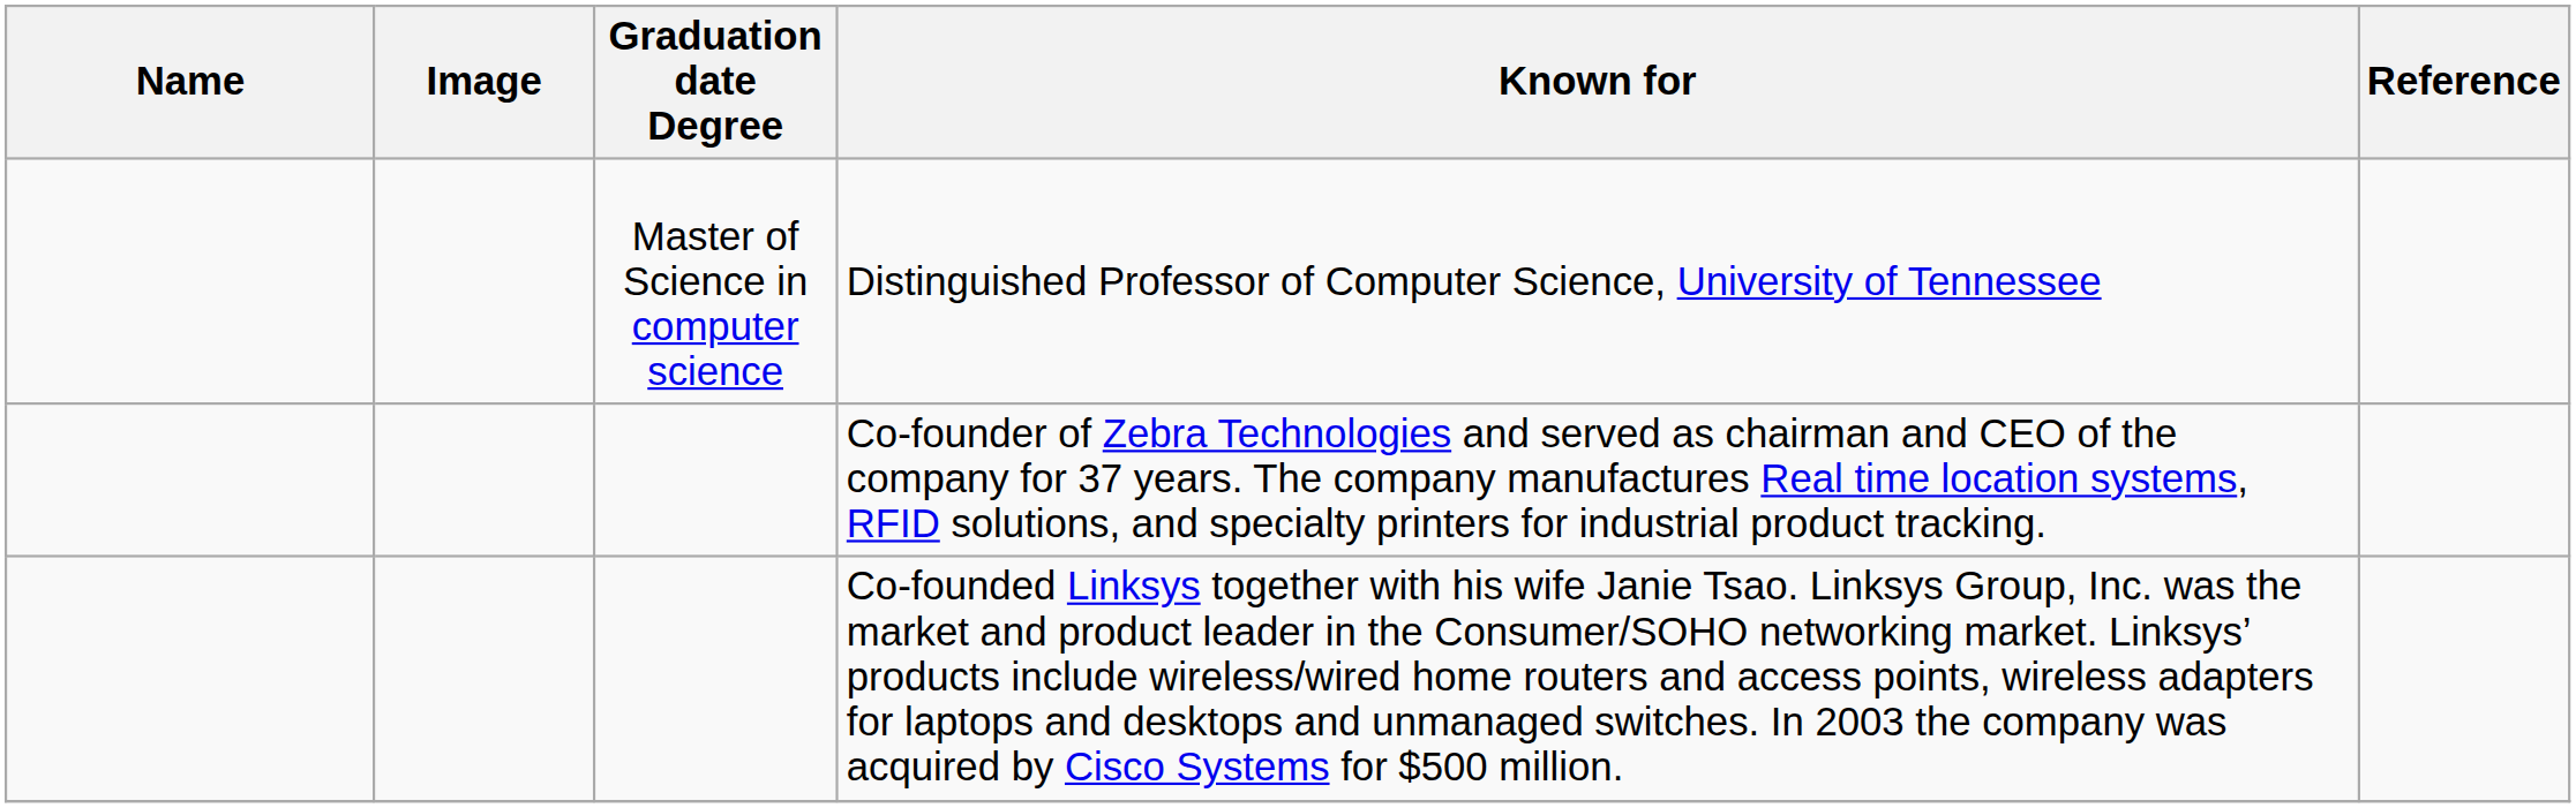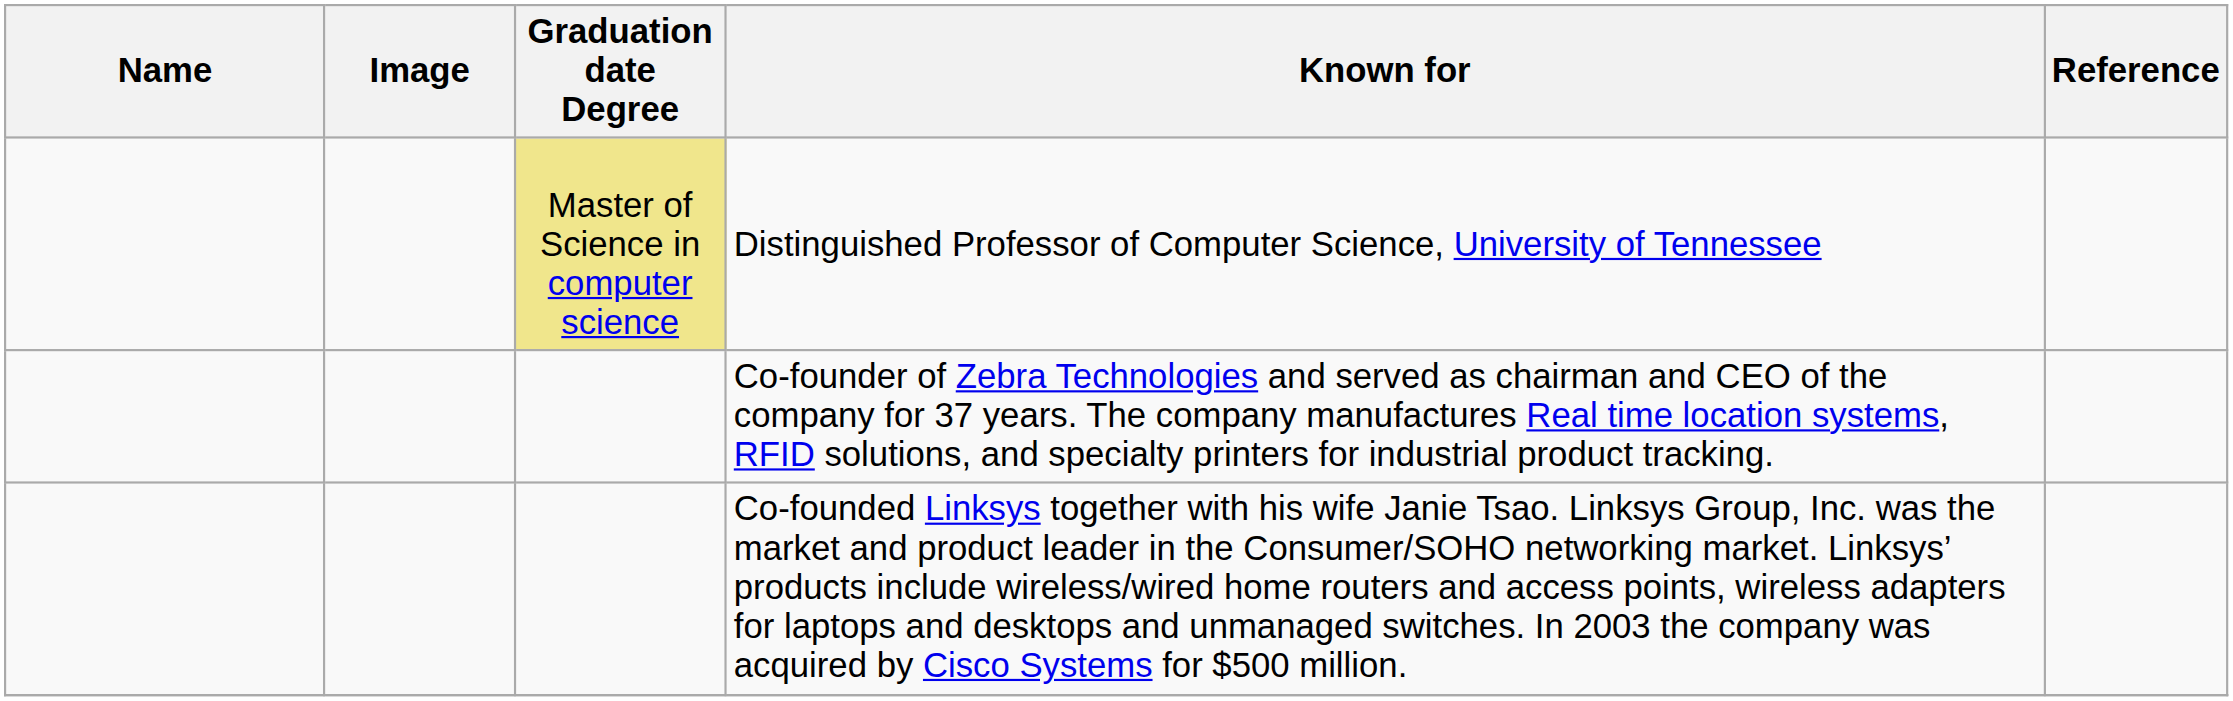 <table class="wikitable sortable">
 <tr>
 <th scope="col" width="140">Name</th>
 <th scope="col" width="80" class="unsortable">Image</th>
 <th scope="col" width="90">Graduation date<br>Degree</th>
 <th scope="col" width="600" class="unsortable">Known for</th>
 <th scope="col" width="30" class="unsortable">Reference</th>
 </tr>
 <tr>
 <td></td>
 <td></td>
-<td align=center><br>Master of Science in <a href='#'>computer science</a></td>
+<td align=center style="background: khaki;"><br>Master of Science in <a href='#'>computer science</a></td>
 <td>Distinguished Professor of Computer Science, <a href='#'>University of Tennessee</a></td>
 <td align="center"></td>
 </tr>
 <tr>
 <td></td>
 <td></td>
 <td align=center></td>
 <td>Co-founder of <a href='#'>Zebra Technologies</a> and served as chairman and CEO of the company for 37 years. The company manufactures <a href='#'>Real time location systems</a>, <a href='#'>RFID</a> solutions, and specialty printers for industrial product tracking.</td>
 <td align="center"></td>
 </tr>
 <tr>
 <td></td>
 <td></td>
 <td align=center><br></td>
 <td>Co-founded <a href='#'>Linksys</a> together with his wife Janie Tsao. Linksys Group, Inc. was the market and product leader in the Consumer/SOHO networking market. Linksys’ products include wireless/wired home routers and access points, wireless adapters for laptops and desktops and unmanaged switches. In 2003 the company was acquired by <a href='#'>Cisco Systems</a> for $500 million.</td>
 <td align="center"></td>
 </tr>
 <tr>
 </tr>
 </table>
